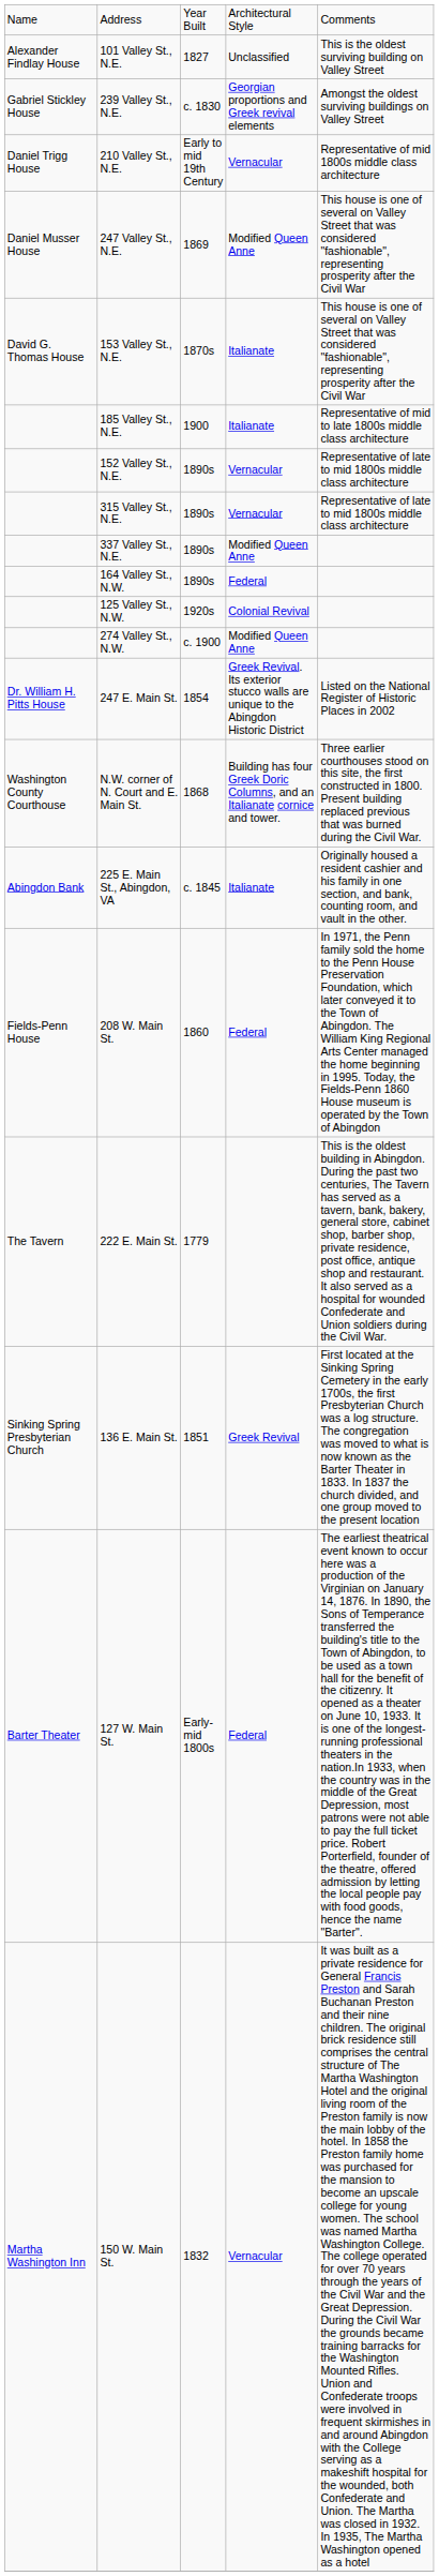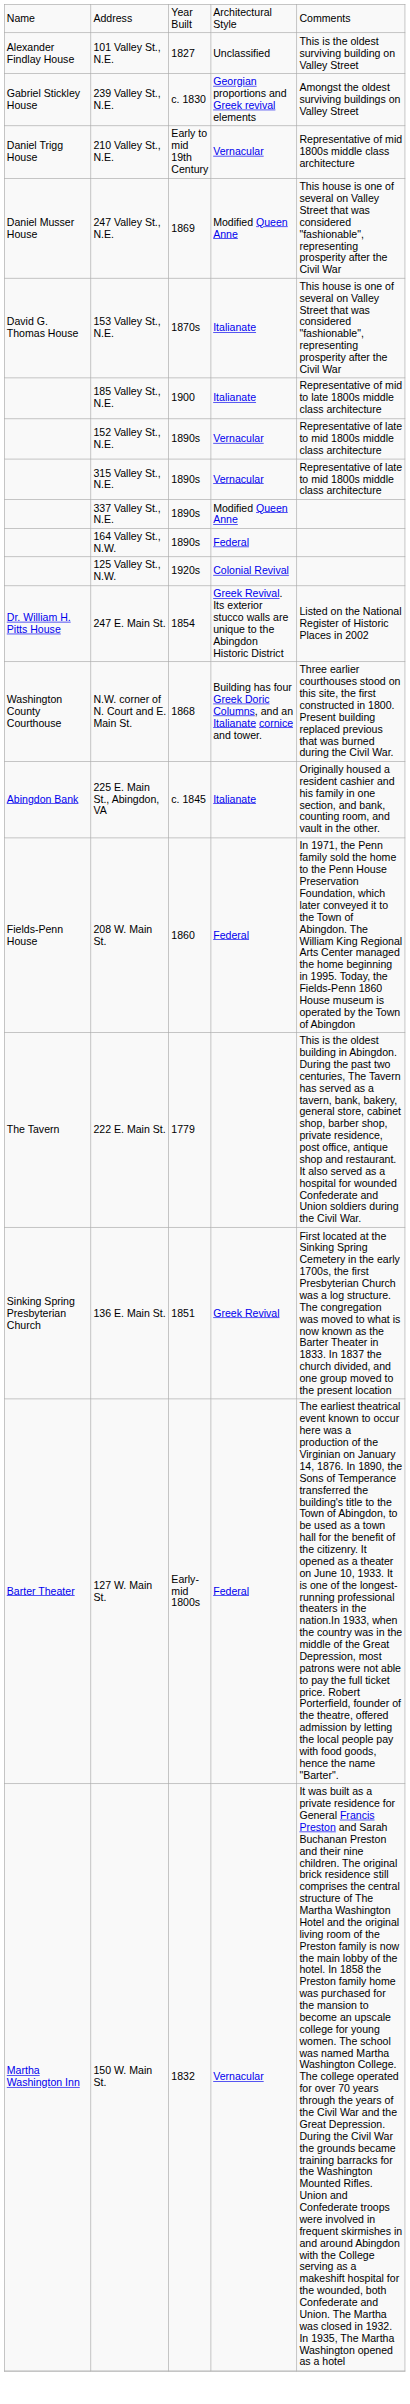 <table class="wikitable">
 <tr>
 <td Header1="col" width="225">Name</td>
 <td Header2="col" width="225">Address</td>
 <td Header3="col" width="25">Year Built</td>
 <td Header4="col" width="225">Architectural Style</td>
 <td Header5="col" width="300">Comments</td>
 </tr>
 <tr>
 <td>Alexander Findlay House<br></td>
 <td>101 Valley St., N.E.</td>
 <td>1827</td>
 <td>Unclassified</td>
 <td>This is the oldest surviving building on Valley Street</td>
 </tr>
 <tr>
 <td>Gabriel Stickley House<br></td>
 <td>239 Valley St., N.E.</td>
 <td>c. 1830</td>
 <td><a href='#'>Georgian</a> proportions and <a href='#'>Greek revival</a> elements</td>
 <td>Amongst the oldest surviving buildings on Valley Street</td>
 </tr>
 <tr>
 <td>Daniel Trigg House<br></td>
 <td>210 Valley St., N.E.</td>
 <td>Early to mid 19th Century</td>
 <td><a href='#'>Vernacular</a></td>
 <td>Representative of mid 1800s middle class architecture</td>
 </tr>
 <tr>
 <td>Daniel Musser House<br></td>
 <td>247 Valley St., N.E.</td>
 <td>1869</td>
 <td>Modified <a href='#'>Queen Anne</a></td>
 <td>This house is one of several on Valley Street that was considered "fashionable", representing prosperity after the Civil War</td>
 </tr>
 <tr>
 <td>David G. Thomas House<br></td>
 <td>153 Valley St., N.E.</td>
 <td>1870s</td>
 <td><a href='#'>Italianate</a></td>
 <td>This house is one of several on Valley Street that was considered "fashionable", representing prosperity after the Civil War</td>
 </tr>
 <tr>
 <td><br> </td>
 <td>185 Valley St., N.E.</td>
 <td>1900</td>
 <td><a href='#'>Italianate</a></td>
 <td>Representative of mid to late 1800s middle class architecture</td>
 </tr>
 <tr>
 <td><br></td>
 <td>152 Valley St., N.E.</td>
 <td>1890s</td>
 <td><a href='#'>Vernacular</a></td>
 <td>Representative of late to mid 1800s middle class architecture</td>
 </tr>
 <tr>
 <td><br></td>
 <td>315 Valley St., N.E.</td>
 <td>1890s</td>
 <td><a href='#'>Vernacular</a></td>
 <td>Representative of late to mid 1800s middle class architecture</td>
 </tr>
 <tr>
 <td><br></td>
 <td>337 Valley St., N.E.</td>
 <td>1890s</td>
 <td>Modified <a href='#'>Queen Anne</a></td>
 <td></td>
 </tr>
 <tr>
 <td><br></td>
 <td>164 Valley St., N.W.</td>
 <td>1890s</td>
 <td><a href='#'>Federal</a></td>
 <td></td>
 </tr>
 <tr>
 <td><br></td>
 <td>125 Valley St., N.W.</td>
 <td>1920s</td>
 <td><a href='#'>Colonial Revival</a></td>
 <td></td>
 </tr>
 <tr>
-<td><br></td>
-<td>274 Valley St., N.W.</td>
-<td>c. 1900</td>
-<td>Modified <a href='#'>Queen Anne</a></td>
-<td></td>
-</tr>
-<tr>
 <td><a href='#'>Dr. William H. Pitts House</a><br></td>
 <td>247 E. Main St.</td>
 <td>1854</td>
 <td><a href='#'>Greek Revival</a>. Its exterior stucco walls are unique to the Abingdon Historic District </td>
 <td>Listed on the National Register of Historic Places in 2002</td>
 </tr>
 <tr>
 <td>Washington County Courthouse<br></td>
 <td>N.W. corner of N. Court and E. Main St.</td>
 <td>1868</td>
 <td>Building has four <a href='#'>Greek Doric Columns</a>, and an <a href='#'>Italianate</a> <a href='#'>cornice</a> and tower.</td>
 <td>Three earlier courthouses stood on this site, the first constructed in 1800.  Present building replaced previous that was burned during the Civil War.</td>
 </tr>
 <tr>
 <td><a href='#'>Abingdon Bank</a><br></td>
 <td>225 E. Main St., Abingdon, VA</td>
 <td>c. 1845</td>
 <td><a href='#'>Italianate</a></td>
 <td>Originally housed a resident cashier and his family in one section, and bank, counting room, and vault in the other.</td>
 </tr>
 <tr>
 <td>Fields-Penn House<br></td>
 <td>208 W. Main St.</td>
 <td>1860</td>
 <td><a href='#'>Federal</a></td>
 <td>In 1971, the Penn family sold the home to the Penn House Preservation Foundation, which later conveyed it to the Town of Abingdon.  The William King Regional Arts Center managed the home beginning in 1995.  Today, the Fields-Penn 1860 House museum is operated by the Town of Abingdon</td>
 </tr>
 <tr>
 <td>The Tavern<br></td>
 <td>222 E. Main St.</td>
 <td>1779</td>
 <td></td>
 <td>This is the oldest building in Abingdon. During the past two centuries, The Tavern has served as a tavern, bank, bakery, general store, cabinet shop, barber shop, private residence, post office, antique shop and restaurant. It also served as a hospital for wounded Confederate and Union soldiers during the Civil War.</td>
 </tr>
 <tr>
 <td>Sinking Spring Presbyterian Church<br></td>
 <td>136 E. Main St.</td>
 <td>1851</td>
 <td><a href='#'>Greek Revival</a></td>
 <td>First located at the Sinking Spring Cemetery in the early 1700s, the first Presbyterian Church was a log structure.  The congregation was moved to what is now known as the Barter Theater in 1833. In 1837 the church divided, and one group moved to the present location</td>
 </tr>
 <tr>
 <td><a href='#'>Barter Theater</a><br></td>
 <td>127 W. Main St.</td>
 <td>Early-mid 1800s</td>
 <td><a href='#'>Federal</a></td>
 <td>The earliest theatrical event known to occur here was a production of the Virginian on January 14, 1876. In 1890, the Sons of Temperance transferred the building's title to the Town of Abingdon, to be used as a town hall for the benefit of the citizenry. It opened as a theater on June 10, 1933. It is one of the longest-running professional theaters in the nation.In 1933, when the country was in the middle of the Great Depression, most patrons were not able to pay the full ticket price. Robert Porterfield, founder of the theatre, offered admission by letting the local people pay with food goods, hence the name "Barter".</td>
 </tr>
 <tr>
 <td><a href='#'>Martha Washington Inn</a><br></td>
 <td>150 W. Main St.</td>
 <td>1832</td>
 <td><a href='#'>Vernacular</a></td>
 <td>It was built as a private residence for General <a href='#'>Francis Preston</a> and Sarah Buchanan Preston and their nine children. The original brick residence still comprises the central structure of The Martha Washington Hotel and the original living room of the Preston family is now the main lobby of the hotel. In 1858 the Preston family home was purchased for the mansion to become an upscale college for young women. The school was named Martha Washington College. The college operated for over 70 years through the years of the Civil War and the Great Depression. During the Civil War the grounds became training barracks for the Washington Mounted Rifles. Union and Confederate troops were involved in frequent skirmishes in and around Abingdon with the College serving as a makeshift hospital for the wounded, both Confederate and Union.  The Martha was closed in 1932. In 1935, The Martha Washington opened as a hotel</td>
 </tr>
 <tr>
 </tr>
 </table>
